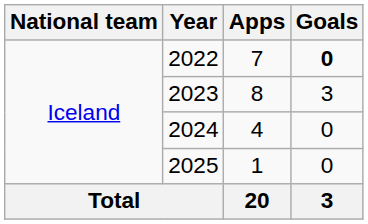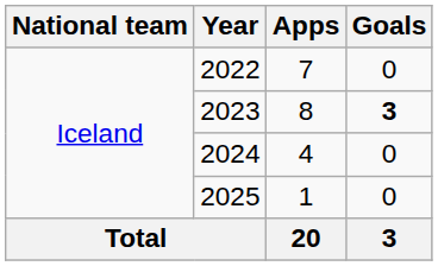 <table class="wikitable" style="text-align:center">
 <tr>
 <th>National team</th>
 <th>Year</th>
 <th>Apps</th>
 <th>Goals</th>
 </tr>
 <tr>
 <td rowspan="4"><a href='#'>Iceland</a></td>
 <td>2022</td>
 <td>7</td>
-<td><strong>0</strong></td>
+<td>0</td>
 </tr>
 <tr>
 <td>2023</td>
 <td>8</td>
-<td>3</td>
+<td><strong>3</strong></td>
 </tr>
 <tr>
 <td>2024</td>
 <td>4</td>
 <td>0</td>
 </tr>
 <tr>
 <td>2025</td>
 <td>1</td>
 <td>0</td>
 </tr>
 <tr>
 <th colspan="2">Total</th>
 <th>20</th>
 <th>3</th>
 </tr>
 </table>
